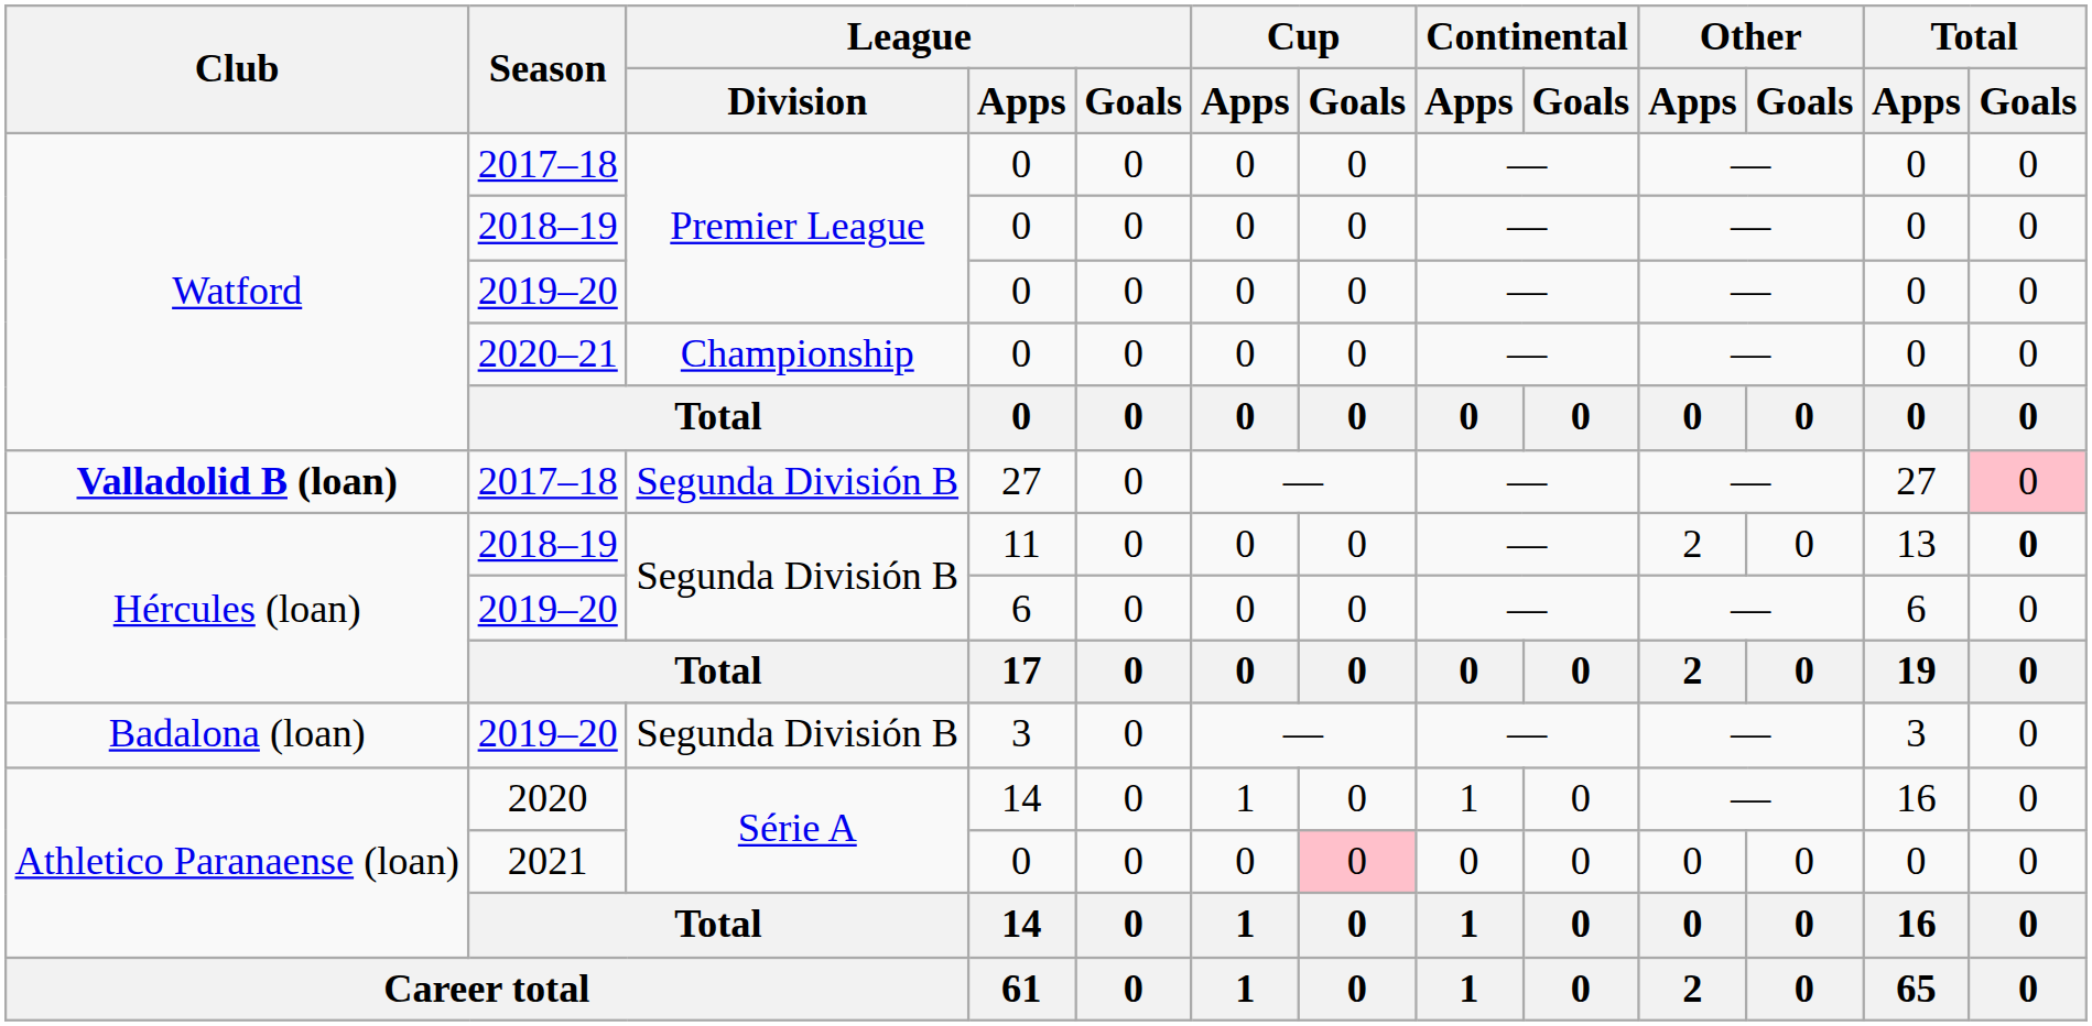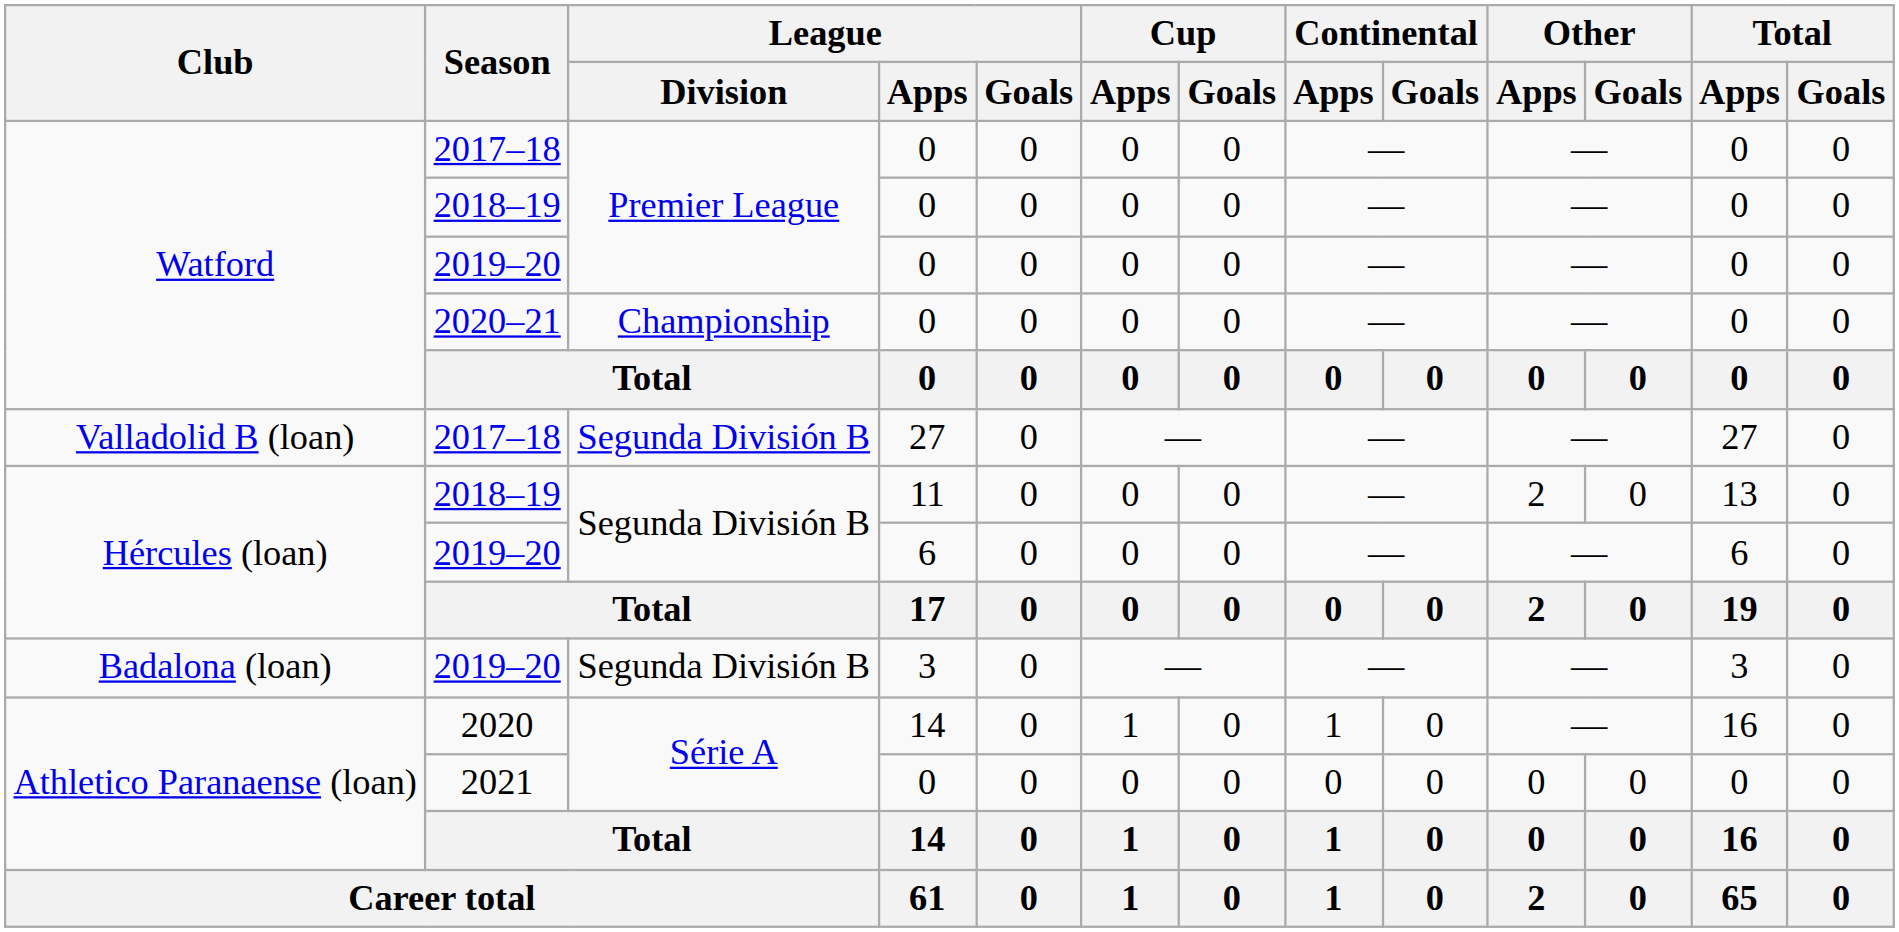 <table class="wikitable" style="text-align:center">
 <tr>
 <th rowspan="2">Club</th>
 <th rowspan="2">Season</th>
 <th colspan="3">League</th>
 <th colspan="2">Cup</th>
 <th colspan="2">Continental</th>
 <th colspan="2">Other</th>
 <th colspan="2">Total</th>
 </tr>
 <tr>
 <th>Division</th>
 <th>Apps</th>
 <th>Goals</th>
 <th>Apps</th>
 <th>Goals</th>
 <th>Apps</th>
 <th>Goals</th>
 <th>Apps</th>
 <th>Goals</th>
 <th>Apps</th>
 <th>Goals</th>
 </tr>
 <tr>
 <td rowspan="5"><a href='#'>Watford</a></td>
 <td><a href='#'>2017–18</a></td>
 <td rowspan="3"><a href='#'>Premier League</a></td>
 <td>0</td>
 <td>0</td>
 <td>0</td>
 <td>0</td>
 <td colspan="2">—</td>
 <td colspan="2">—</td>
 <td>0</td>
 <td>0</td>
 </tr>
 <tr>
 <td><a href='#'>2018–19</a></td>
 <td>0</td>
 <td>0</td>
 <td>0</td>
 <td>0</td>
 <td colspan="2">—</td>
 <td colspan="2">—</td>
 <td>0</td>
 <td>0</td>
 </tr>
 <tr>
 <td><a href='#'>2019–20</a></td>
 <td>0</td>
 <td>0</td>
 <td>0</td>
 <td>0</td>
 <td colspan="2">—</td>
 <td colspan="2">—</td>
 <td>0</td>
 <td>0</td>
 </tr>
 <tr>
 <td><a href='#'>2020–21</a></td>
 <td><a href='#'>Championship</a></td>
 <td>0</td>
 <td>0</td>
 <td>0</td>
 <td>0</td>
 <td colspan="2">—</td>
 <td colspan="2">—</td>
 <td>0</td>
 <td>0</td>
 </tr>
 <tr>
 <th colspan="2">Total</th>
 <th>0</th>
 <th>0</th>
 <th>0</th>
 <th>0</th>
 <th>0</th>
 <th>0</th>
 <th>0</th>
 <th>0</th>
 <th>0</th>
 <th>0</th>
 </tr>
 <tr>
-<td><strong><a href='#'>Valladolid B</a> (loan)</strong></td>
+<td><a href='#'>Valladolid B</a> (loan)</td>
 <td><a href='#'>2017–18</a></td>
 <td><a href='#'>Segunda División B</a></td>
 <td>27</td>
 <td>0</td>
 <td colspan="2">—</td>
 <td colspan="2">—</td>
 <td colspan="2">—</td>
 <td>27</td>
-<td style="background: pink;">0</td>
+<td>0</td>
 </tr>
 <tr>
 <td rowspan="3"><a href='#'>Hércules</a> (loan)</td>
 <td><a href='#'>2018–19</a></td>
 <td rowspan="2">Segunda División B</td>
 <td>11</td>
 <td>0</td>
 <td>0</td>
 <td>0</td>
 <td colspan="2">—</td>
 <td>2</td>
 <td>0</td>
 <td>13</td>
-<td><strong>0</strong></td>
+<td>0</td>
 </tr>
 <tr>
 <td><a href='#'>2019–20</a></td>
 <td>6</td>
 <td>0</td>
 <td>0</td>
 <td>0</td>
 <td colspan="2">—</td>
 <td colspan="2">—</td>
 <td>6</td>
 <td>0</td>
 </tr>
 <tr>
 <th colspan="2">Total</th>
 <th>17</th>
 <th>0</th>
 <th>0</th>
 <th>0</th>
 <th>0</th>
 <th>0</th>
 <th>2</th>
 <th>0</th>
 <th>19</th>
 <th>0</th>
 </tr>
 <tr>
 <td><a href='#'>Badalona</a> (loan)</td>
 <td><a href='#'>2019–20</a></td>
 <td>Segunda División B</td>
 <td>3</td>
 <td>0</td>
 <td colspan="2">—</td>
 <td colspan="2">—</td>
 <td colspan="2">—</td>
 <td>3</td>
 <td>0</td>
 </tr>
 <tr>
 <td rowspan="3"><a href='#'>Athletico Paranaense</a> (loan)</td>
 <td>2020</td>
 <td rowspan="2"><a href='#'>Série A</a></td>
 <td>14</td>
 <td>0</td>
 <td>1</td>
 <td>0</td>
 <td>1</td>
 <td>0</td>
 <td colspan="2">—</td>
 <td>16</td>
 <td>0</td>
 </tr>
 <tr>
 <td>2021</td>
 <td>0</td>
 <td>0</td>
 <td>0</td>
-<td style="background: pink;">0</td>
+<td>0</td>
 <td>0</td>
 <td>0</td>
 <td>0</td>
 <td>0</td>
 <td>0</td>
 <td>0</td>
 </tr>
 <tr>
 <th colspan="2">Total</th>
 <th>14</th>
 <th>0</th>
 <th>1</th>
 <th>0</th>
 <th>1</th>
 <th>0</th>
 <th>0</th>
 <th>0</th>
 <th>16</th>
 <th>0</th>
 </tr>
 <tr>
 <th colspan="3">Career total</th>
 <th>61</th>
 <th>0</th>
 <th>1</th>
 <th>0</th>
 <th>1</th>
 <th>0</th>
 <th>2</th>
 <th>0</th>
 <th>65</th>
 <th>0</th>
 </tr>
 </table>
